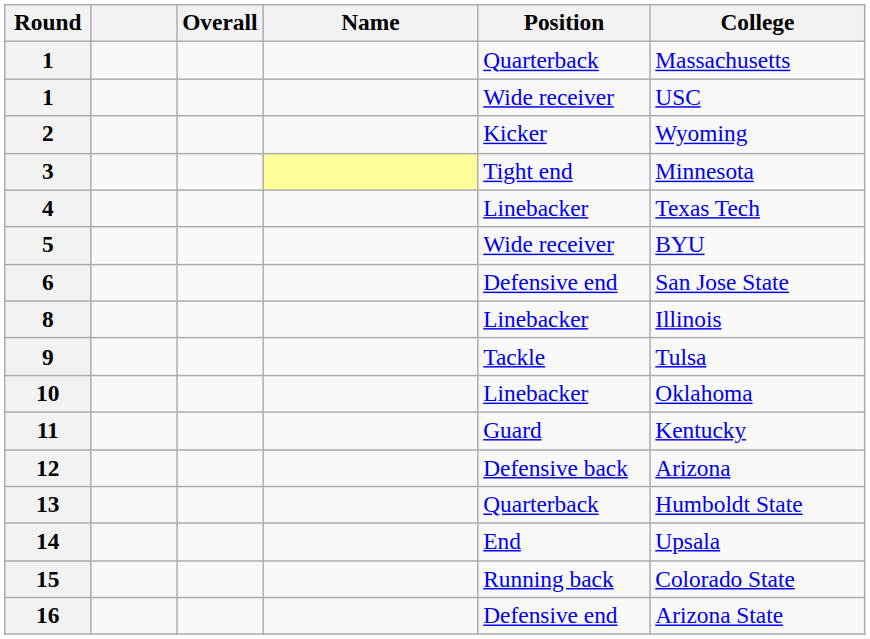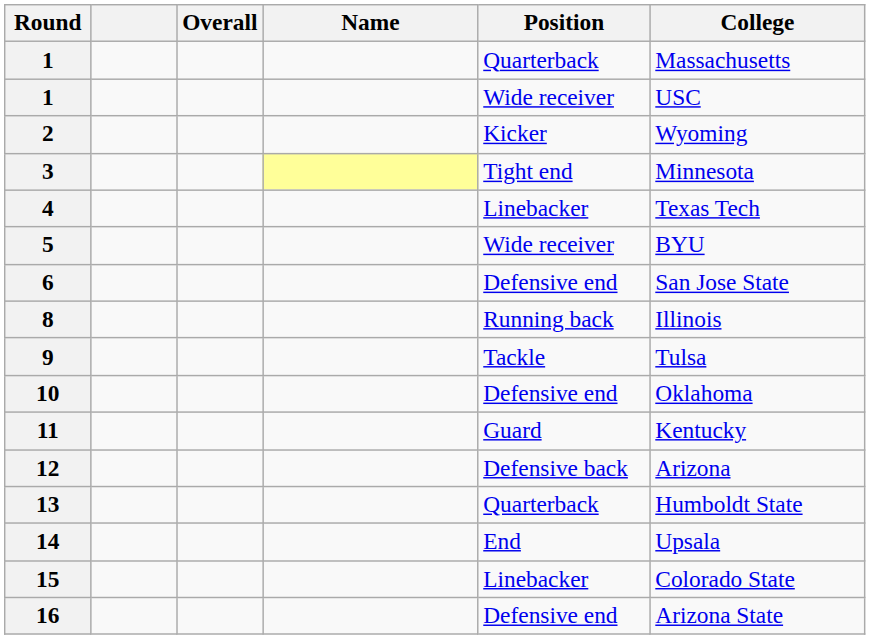 <table class="wikitable sortable">
 <tr>
 <th scope="col" style="width: 10%;">Round</th>
 <th scope="col" style="width: 10%;"></th>
 <th scope="col" style="width: 10%;">Overall</th>
 <th scope="col" style="width: 25%;">Name</th>
 <th scope="col" style="width: 20%;">Position</th>
 <th scope="col" style="width: 25%;">College</th>
 </tr>
 <tr>
 <th scope="row">1</th>
 <td></td>
 <td></td>
 <td></td>
 <td><a href='#'>Quarterback</a></td>
 <td><a href='#'>Massachusetts</a></td>
 </tr>
 <tr>
 <th scope="row">1</th>
 <td></td>
 <td></td>
 <td></td>
 <td><a href='#'>Wide receiver</a></td>
 <td><a href='#'>USC</a></td>
 </tr>
 <tr>
 <th scope="row">2</th>
 <td></td>
 <td></td>
 <td></td>
 <td><a href='#'>Kicker</a></td>
 <td><a href='#'>Wyoming</a></td>
 </tr>
 <tr>
 <th scope="row">3</th>
 <td></td>
 <td></td>
 <td style="background-color: #FFFF99;"> </td>
 <td><a href='#'>Tight end</a></td>
 <td><a href='#'>Minnesota</a></td>
 </tr>
 <tr>
 <th scope="row">4</th>
 <td></td>
 <td></td>
 <td></td>
 <td><a href='#'>Linebacker</a></td>
 <td><a href='#'>Texas Tech</a></td>
 </tr>
 <tr>
 <th scope="row">5</th>
 <td></td>
 <td></td>
 <td></td>
 <td><a href='#'>Wide receiver</a></td>
 <td><a href='#'>BYU</a></td>
 </tr>
 <tr>
 <th scope="row">6</th>
 <td></td>
 <td></td>
 <td></td>
 <td><a href='#'>Defensive end</a></td>
 <td><a href='#'>San Jose State</a></td>
 </tr>
 <tr>
 <th scope="row">8</th>
 <td></td>
 <td></td>
 <td></td>
-<td><a href='#'>Linebacker</a></td>
+<td><a href='#'>Running back</a></td>
 <td><a href='#'>Illinois</a></td>
 </tr>
 <tr>
 <th scope="row">9</th>
 <td></td>
 <td></td>
 <td></td>
 <td><a href='#'>Tackle</a></td>
 <td><a href='#'>Tulsa</a></td>
 </tr>
 <tr>
 <th scope="row">10</th>
 <td></td>
 <td></td>
 <td></td>
-<td><a href='#'>Linebacker</a></td>
+<td><a href='#'>Defensive end</a></td>
 <td><a href='#'>Oklahoma</a></td>
 </tr>
 <tr>
 <th scope="row">11</th>
 <td></td>
 <td></td>
 <td></td>
 <td><a href='#'>Guard</a></td>
 <td><a href='#'>Kentucky</a></td>
 </tr>
 <tr>
 <th scope="row">12</th>
 <td></td>
 <td></td>
 <td></td>
 <td><a href='#'>Defensive back</a></td>
 <td><a href='#'>Arizona</a></td>
 </tr>
 <tr>
 <th scope="row">13</th>
 <td></td>
 <td></td>
 <td></td>
 <td><a href='#'>Quarterback</a></td>
 <td><a href='#'>Humboldt State</a></td>
 </tr>
 <tr>
 <th scope="row">14</th>
 <td></td>
 <td></td>
 <td></td>
 <td><a href='#'>End</a></td>
 <td><a href='#'>Upsala</a></td>
 </tr>
 <tr>
 <th scope="row">15</th>
 <td></td>
 <td></td>
 <td></td>
-<td><a href='#'>Running back</a></td>
+<td><a href='#'>Linebacker</a></td>
 <td><a href='#'>Colorado State</a></td>
 </tr>
 <tr>
 <th scope="row">16</th>
 <td></td>
 <td></td>
 <td></td>
 <td><a href='#'>Defensive end</a></td>
 <td><a href='#'>Arizona State</a></td>
 </tr>
 </table>
